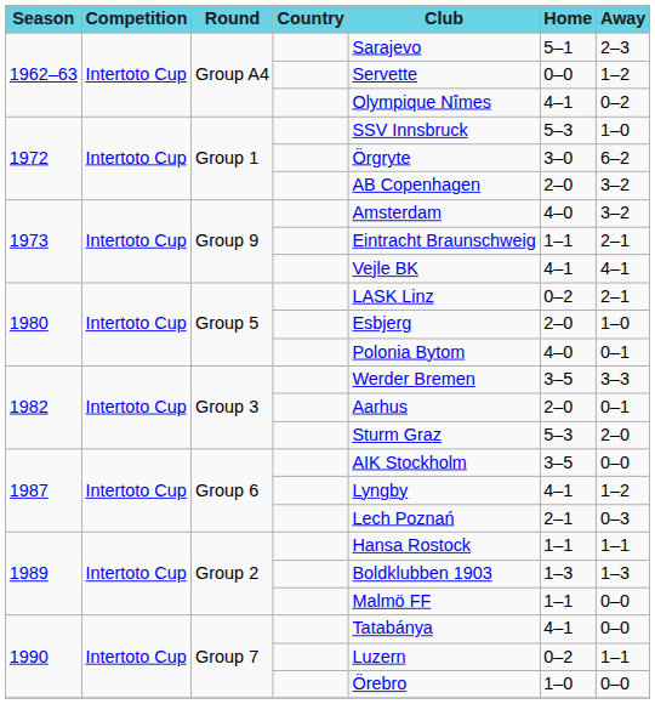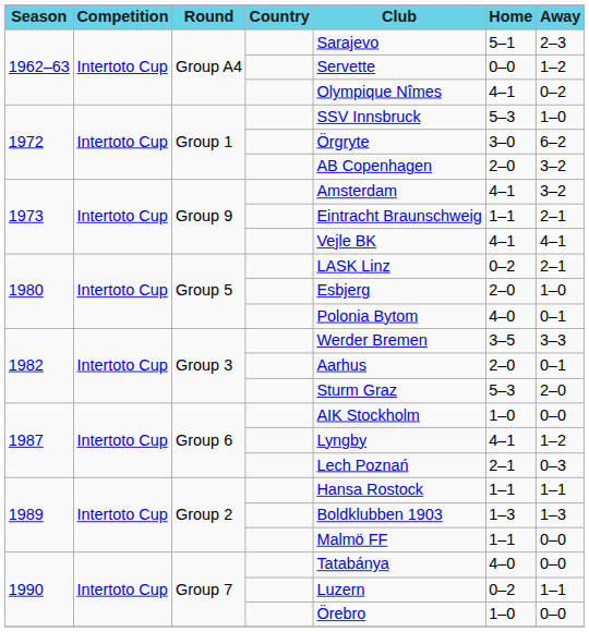 <table class="wikitable">
 <tr>
 <th style="color:#1B1B1B; background:#69D2E7;">Season</th>
 <th style="color:#1B1B1B; background:#69D2E7;">Competition</th>
 <th style="color:#1B1B1B; background:#69D2E7;">Round</th>
 <th style="color:#1B1B1B; background:#69D2E7;">Country</th>
 <th style="color:#1B1B1B; background:#69D2E7;">Club</th>
 <th style="color:#1B1B1B; background:#69D2E7;">Home</th>
 <th style="color:#1B1B1B; background:#69D2E7;">Away</th>
 </tr>
 <tr>
 <td rowspan="3"><a href='#'>1962–63</a></td>
 <td rowspan="3"><a href='#'>Intertoto Cup</a></td>
 <td rowspan="3">Group A4</td>
 <td></td>
 <td><a href='#'>Sarajevo</a></td>
 <td>5–1</td>
 <td>2–3</td>
 </tr>
 <tr>
 <td></td>
 <td><a href='#'>Servette</a></td>
 <td>0–0</td>
 <td>1–2</td>
 </tr>
 <tr>
 <td></td>
 <td><a href='#'>Olympique Nîmes</a></td>
 <td>4–1</td>
 <td>0–2</td>
 </tr>
 <tr>
 <td rowspan="3"><a href='#'>1972</a></td>
 <td rowspan="3"><a href='#'>Intertoto Cup</a></td>
 <td rowspan="3">Group 1</td>
 <td></td>
 <td><a href='#'>SSV Innsbruck</a></td>
 <td>5–3</td>
 <td>1–0</td>
 </tr>
 <tr>
 <td></td>
 <td><a href='#'>Örgryte</a></td>
 <td>3–0</td>
 <td>6–2</td>
 </tr>
 <tr>
 <td></td>
 <td><a href='#'>AB Copenhagen</a></td>
 <td>2–0</td>
 <td>3–2</td>
 </tr>
 <tr>
 <td rowspan="3"><a href='#'>1973</a></td>
 <td rowspan="3"><a href='#'>Intertoto Cup</a></td>
 <td rowspan="3">Group 9</td>
 <td></td>
 <td><a href='#'>Amsterdam</a></td>
-<td>4–0</td>
+<td>4–1</td>
 <td>3–2</td>
 </tr>
 <tr>
 <td></td>
 <td><a href='#'>Eintracht Braunschweig</a></td>
 <td>1–1</td>
 <td>2–1</td>
 </tr>
 <tr>
 <td></td>
 <td><a href='#'>Vejle BK</a></td>
 <td>4–1</td>
 <td>4–1</td>
 </tr>
 <tr>
 <td rowspan="3"><a href='#'>1980</a></td>
 <td rowspan="3"><a href='#'>Intertoto Cup</a></td>
 <td rowspan="3">Group 5</td>
 <td></td>
 <td><a href='#'>LASK Linz</a></td>
 <td>0–2</td>
 <td>2–1</td>
 </tr>
 <tr>
 <td></td>
 <td><a href='#'>Esbjerg</a></td>
 <td>2–0</td>
 <td>1–0</td>
 </tr>
 <tr>
 <td></td>
 <td><a href='#'>Polonia Bytom</a></td>
 <td>4–0</td>
 <td>0–1</td>
 </tr>
 <tr>
 <td rowspan="3"><a href='#'>1982</a></td>
 <td rowspan="3"><a href='#'>Intertoto Cup</a></td>
 <td rowspan="3">Group 3</td>
 <td></td>
 <td><a href='#'>Werder Bremen</a></td>
 <td>3–5</td>
 <td>3–3</td>
 </tr>
 <tr>
 <td></td>
 <td><a href='#'>Aarhus</a></td>
 <td>2–0</td>
 <td>0–1</td>
 </tr>
 <tr>
 <td></td>
 <td><a href='#'>Sturm Graz</a></td>
 <td>5–3</td>
 <td>2–0</td>
 </tr>
 <tr>
 <td rowspan="3"><a href='#'>1987</a></td>
 <td rowspan="3"><a href='#'>Intertoto Cup</a></td>
 <td rowspan="3">Group 6</td>
 <td></td>
 <td><a href='#'>AIK Stockholm</a></td>
-<td>3–5</td>
+<td>1–0</td>
 <td>0–0</td>
 </tr>
 <tr>
 <td></td>
 <td><a href='#'>Lyngby</a></td>
 <td>4–1</td>
 <td>1–2</td>
 </tr>
 <tr>
 <td></td>
 <td><a href='#'>Lech Poznań</a></td>
 <td>2–1</td>
 <td>0–3</td>
 </tr>
 <tr>
 <td rowspan="3"><a href='#'>1989</a></td>
 <td rowspan="3"><a href='#'>Intertoto Cup</a></td>
 <td rowspan="3">Group 2</td>
 <td></td>
 <td><a href='#'>Hansa Rostock</a></td>
 <td>1–1</td>
 <td>1–1</td>
 </tr>
 <tr>
 <td></td>
 <td><a href='#'>Boldklubben 1903</a></td>
 <td>1–3</td>
 <td>1–3</td>
 </tr>
 <tr>
 <td></td>
 <td><a href='#'>Malmö FF</a></td>
 <td>1–1</td>
 <td>0–0</td>
 </tr>
 <tr>
 <td rowspan="3"><a href='#'>1990</a></td>
 <td rowspan="3"><a href='#'>Intertoto Cup</a></td>
 <td rowspan="3">Group 7</td>
 <td></td>
 <td><a href='#'>Tatabánya</a></td>
-<td>4–1</td>
+<td>4–0</td>
 <td>0–0</td>
 </tr>
 <tr>
 <td></td>
 <td><a href='#'>Luzern</a></td>
 <td>0–2</td>
 <td>1–1</td>
 </tr>
 <tr>
 <td></td>
 <td><a href='#'>Örebro</a></td>
 <td>1–0</td>
 <td>0–0</td>
 </tr>
 <tr>
 </tr>
 </table>
